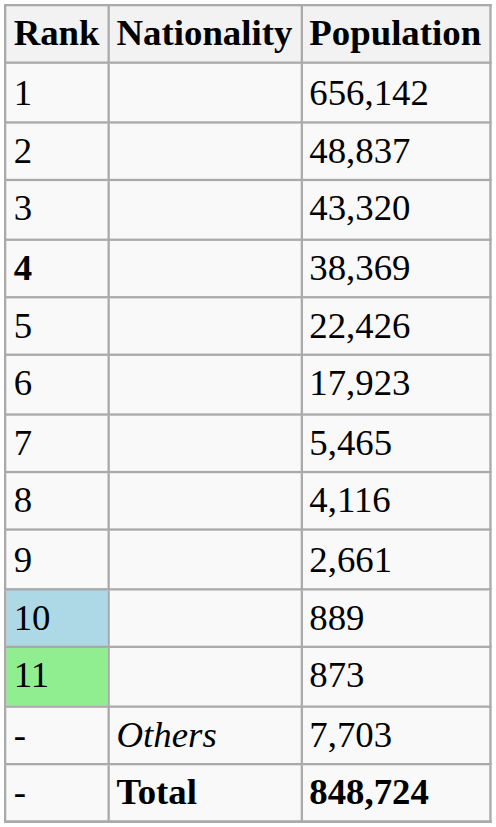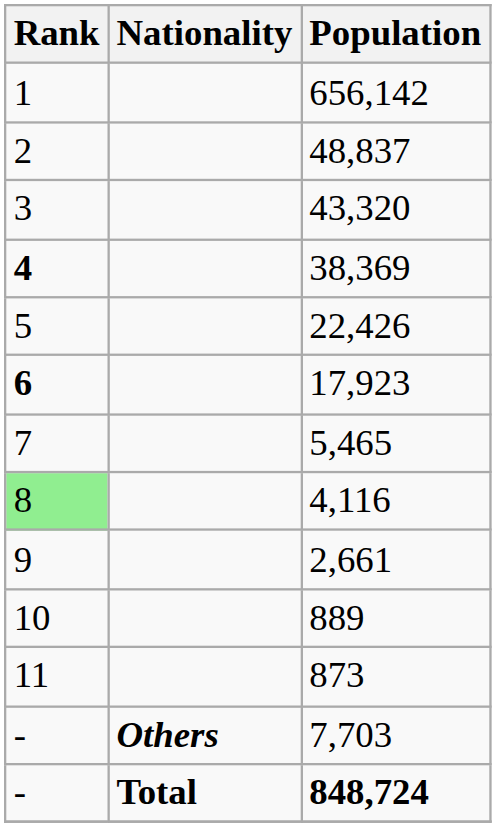 <table class="wikitable sortable">
 <tr>
 <th>Rank</th>
 <th>Nationality</th>
 <th>Population</th>
 </tr>
 <tr>
 <td>1</td>
 <td></td>
 <td>656,142</td>
 </tr>
 <tr>
 <td>2</td>
 <td></td>
 <td>48,837</td>
 </tr>
 <tr>
 <td>3</td>
 <td></td>
 <td>43,320</td>
 </tr>
 <tr>
 <td><strong>4</strong></td>
 <td></td>
 <td>38,369</td>
 </tr>
 <tr>
 <td>5</td>
 <td></td>
 <td>22,426</td>
 </tr>
 <tr>
-<td>6</td>
+<td><strong>6</strong></td>
 <td></td>
 <td>17,923</td>
 </tr>
 <tr>
 <td>7</td>
 <td></td>
 <td>5,465</td>
 </tr>
 <tr>
-<td>8</td>
+<td style="background: lightgreen;">8</td>
 <td></td>
 <td>4,116</td>
 </tr>
 <tr>
 <td>9</td>
 <td></td>
 <td>2,661</td>
 </tr>
 <tr>
-<td style="background: lightblue;">10</td>
+<td>10</td>
 <td></td>
 <td>889</td>
 </tr>
 <tr>
-<td style="background: lightgreen;">11</td>
+<td>11</td>
 <td></td>
 <td>873</td>
 </tr>
 <tr>
 <td>-</td>
-<td><em>Others</em></td>
+<td><strong><em>Others</em></strong></td>
 <td>7,703</td>
 </tr>
 <tr>
 <td>-</td>
 <td><strong>Total</strong></td>
 <td><strong>848,724</strong></td>
 </tr>
 <tr>
 </tr>
 </table>
